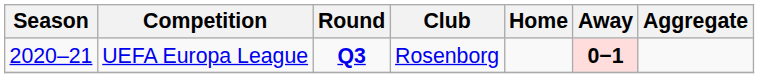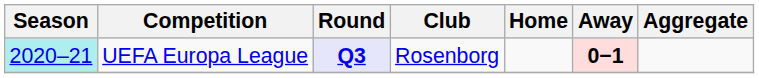 <table class="wikitable">
 <tr>
 <th>Season</th>
 <th>Competition</th>
 <th>Round</th>
 <th>Club</th>
 <th>Home</th>
 <th>Away</th>
 <th>Aggregate</th>
 </tr>
 <tr>
-<td rowspan="1"><a href='#'>2020–21</a></td>
+<td rowspan="1" style="background: paleturquoise;"><a href='#'>2020–21</a></td>
 <td><a href='#'>UEFA Europa League</a></td>
-<td style="text-align:center"><a href='#'><strong>Q3</strong></a></td>
+<td style="background: lavender; text-align:center"><a href='#'><strong>Q3</strong></a></td>
 <td style="text-align:center"> <a href='#'>Rosenborg</a></td>
 <td></td>
 <td bgcolor="#ffdddd" style="text-align:center;"><strong>0−1</strong></td>
 <td></td>
 </tr>
 <tr>
 </tr>
 </table>
